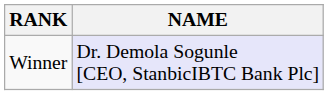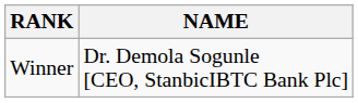 <table class="wikitable">
 <tr>
 <th>RANK</th>
 <th>NAME</th>
 </tr>
 <tr>
 <td>Winner</td>
-<td style="background: lavender;">Dr. Demola Sogunle<br>[CEO, StanbicIBTC Bank Plc]</td>
+<td>Dr. Demola Sogunle<br>[CEO, StanbicIBTC Bank Plc]</td>
 </tr>
 </table>
